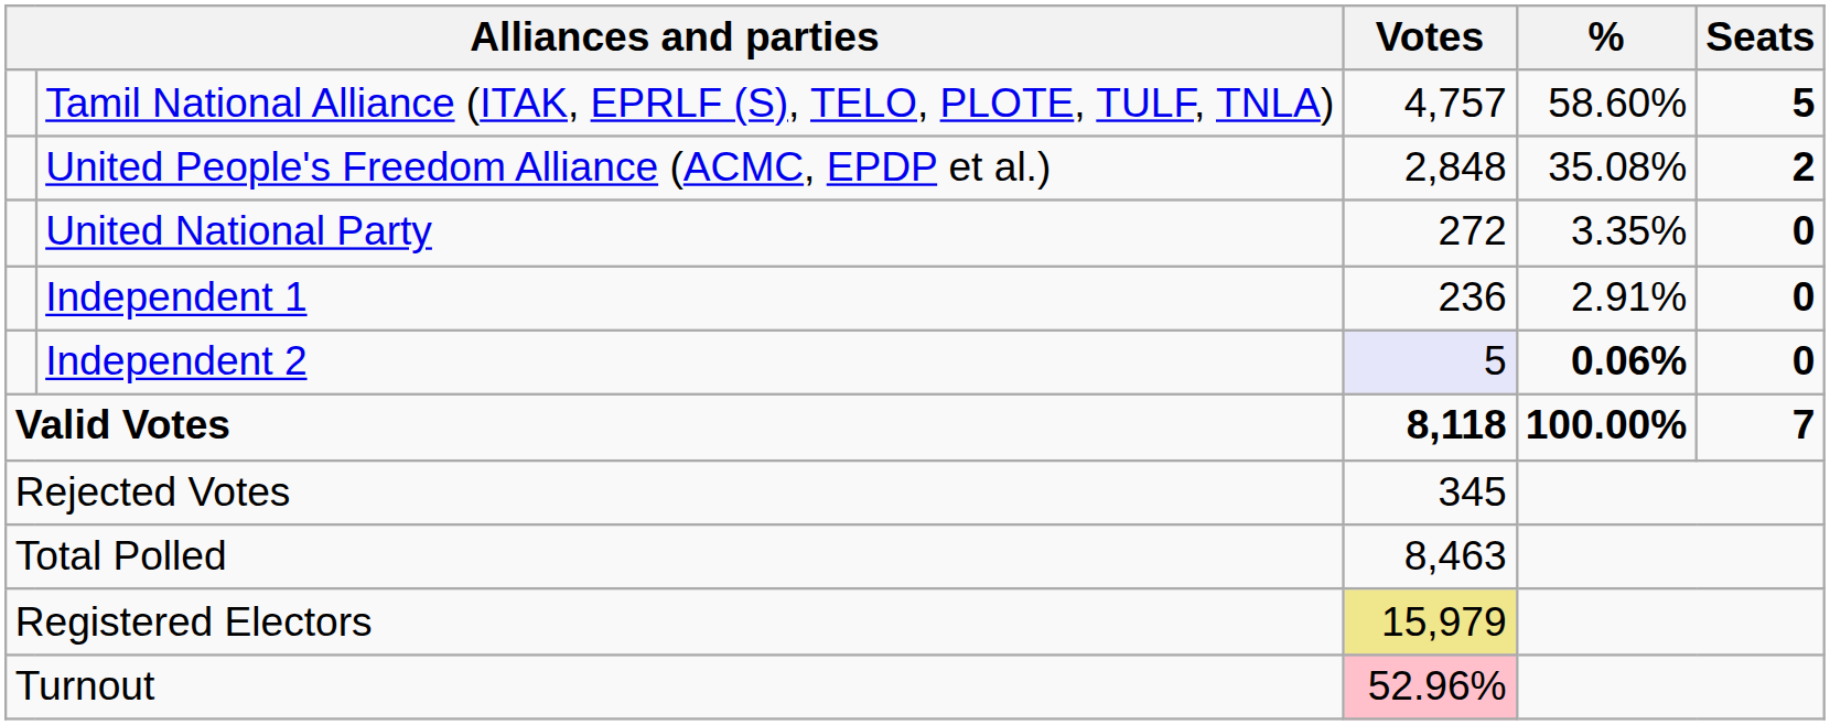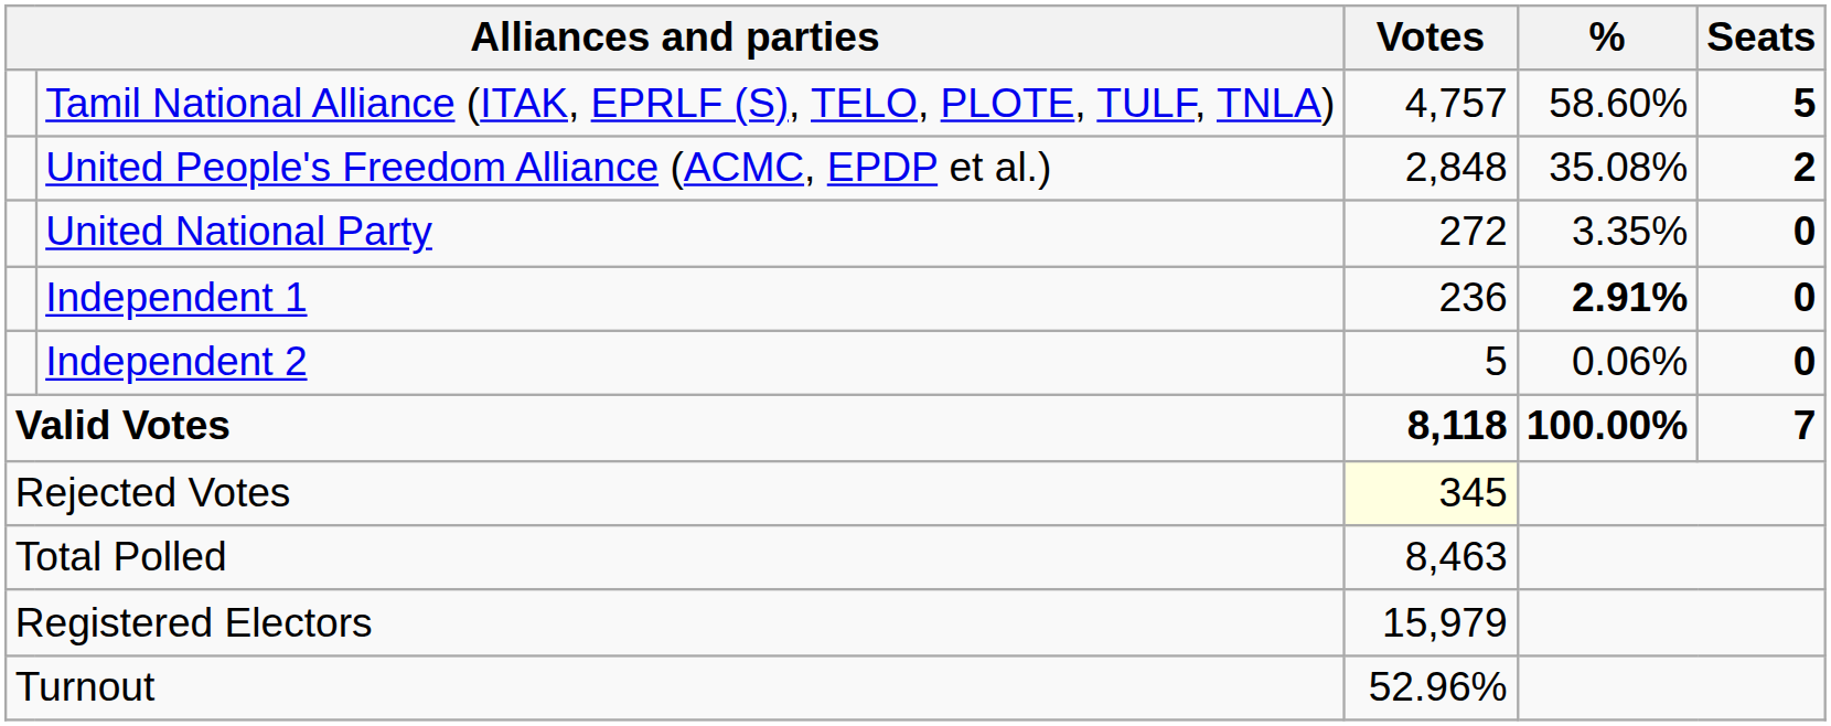 <table class="wikitable" border="1" style="text-align:right;">
 <tr>
 <th valign=bottom align=left colspan=2>Alliances and parties</th>
 <th valign=bottom align=center width="60">Votes</th>
 <th valign=bottom align=center width="50">%</th>
 <th valign=bottom align=center>Seats</th>
 </tr>
 <tr>
 <td bgcolor=> </td>
 <td align=left><a href='#'>Tamil National Alliance</a> (<a href='#'>ITAK</a>, <a href='#'>EPRLF (S)</a>, <a href='#'>TELO</a>, <a href='#'>PLOTE</a>, <a href='#'>TULF</a>, <a href='#'>TNLA</a>)</td>
 <td>4,757</td>
 <td>58.60%</td>
 <td><strong>5</strong></td>
 </tr>
 <tr>
 <td bgcolor=> </td>
 <td align=left><a href='#'>United People's Freedom Alliance</a> (<a href='#'>ACMC</a>, <a href='#'>EPDP</a> et al.)</td>
 <td>2,848</td>
 <td>35.08%</td>
 <td><strong>2</strong></td>
 </tr>
 <tr>
 <td bgcolor=> </td>
 <td align=left><a href='#'>United National Party</a></td>
 <td>272</td>
 <td>3.35%</td>
 <td><strong>0</strong></td>
 </tr>
 <tr>
 <td></td>
 <td align=left><a href='#'>Independent 1</a></td>
 <td>236</td>
-<td>2.91%</td>
+<td><strong>2.91%</strong></td>
 <td><strong>0</strong></td>
 </tr>
 <tr>
 <td></td>
 <td align=left><a href='#'>Independent 2</a></td>
-<td style="background: lavender;">5</td>
-<td><strong>0.06%</strong></td>
+<td>5</td>
+<td>0.06%</td>
 <td><strong>0</strong></td>
 </tr>
 <tr>
 <td colspan=2 align=left><strong>Valid Votes</strong></td>
 <td><strong>8,118</strong></td>
 <td><strong>100.00%</strong></td>
 <td><strong>7</strong></td>
 </tr>
 <tr>
 <td colspan=2 align=left>Rejected Votes</td>
-<td>345</td>
+<td style="background: lightyellow;">345</td>
 <td colspan=2></td>
 </tr>
 <tr>
 <td colspan=2 align=left>Total Polled</td>
 <td>8,463</td>
 <td colspan=2></td>
 </tr>
 <tr>
 <td colspan=2 align=left>Registered Electors</td>
-<td style="background: khaki;">15,979</td>
+<td>15,979</td>
 <td colspan=2></td>
 </tr>
 <tr>
 <td colspan=2 align=left>Turnout</td>
-<td style="background: pink;">52.96%</td>
+<td>52.96%</td>
 <td colspan=2></td>
 </tr>
 </table>
